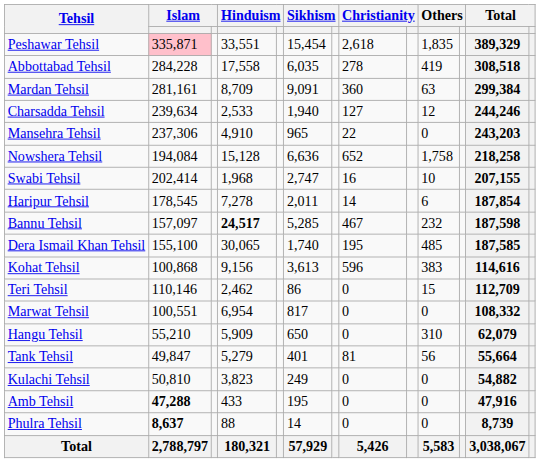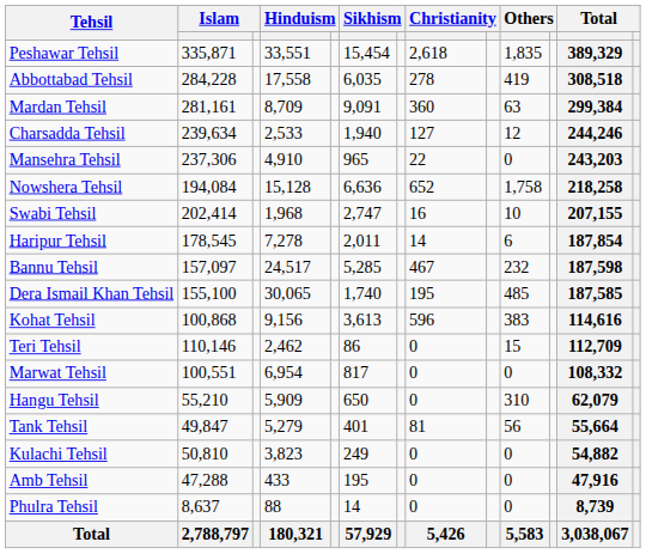 <table class="wikitable sortable">
 <tr>
 <th rowspan="2"><a href='#'>Tehsil</a></th>
 <th colspan="2"><a href='#'>Islam</a> </th>
 <th colspan="2"><a href='#'>Hinduism</a> </th>
 <th colspan="2"><a href='#'>Sikhism</a> </th>
 <th colspan="2"><a href='#'>Christianity</a> </th>
 <th colspan="2">Others</th>
 <th colspan="2">Total</th>
 </tr>
 <tr>
 <th><a href='#'></a></th>
 <th></th>
 <th></th>
 <th></th>
 <th></th>
 <th></th>
 <th></th>
 <th></th>
 <th></th>
 <th></th>
 <th></th>
 <th></th>
 </tr>
 <tr>
 <td><a href='#'>Peshawar Tehsil</a></td>
-<td style="background: pink;">335,871</td>
+<td>335,871</td>
 <td></td>
 <td>33,551</td>
 <td></td>
 <td>15,454</td>
 <td></td>
 <td>2,618</td>
 <td></td>
 <td>1,835</td>
 <td></td>
 <th>389,329</th>
 <th></th>
 </tr>
 <tr>
 <td><a href='#'>Abbottabad Tehsil</a></td>
 <td>284,228</td>
 <td></td>
 <td>17,558</td>
 <td></td>
 <td>6,035</td>
 <td></td>
 <td>278</td>
 <td></td>
 <td>419</td>
 <td></td>
 <th>308,518</th>
 <th></th>
 </tr>
 <tr>
 <td><a href='#'>Mardan Tehsil</a></td>
 <td>281,161</td>
 <td></td>
 <td>8,709</td>
 <td></td>
 <td>9,091</td>
 <td></td>
 <td>360</td>
 <td></td>
 <td>63</td>
 <td></td>
 <th>299,384</th>
 <th></th>
 </tr>
 <tr>
 <td><a href='#'>Charsadda Tehsil</a></td>
 <td>239,634</td>
 <td></td>
 <td>2,533</td>
 <td></td>
 <td>1,940</td>
 <td></td>
 <td>127</td>
 <td></td>
 <td>12</td>
 <td></td>
 <th>244,246</th>
 <th></th>
 </tr>
 <tr>
 <td><a href='#'>Mansehra Tehsil</a></td>
 <td>237,306</td>
 <td></td>
 <td>4,910</td>
 <td></td>
 <td>965</td>
 <td></td>
 <td>22</td>
 <td></td>
 <td>0</td>
 <td></td>
 <th>243,203</th>
 <th></th>
 </tr>
 <tr>
 <td><a href='#'>Nowshera Tehsil</a></td>
 <td>194,084</td>
 <td></td>
 <td>15,128</td>
 <td></td>
 <td>6,636</td>
 <td></td>
 <td>652</td>
 <td></td>
 <td>1,758</td>
 <td></td>
 <th>218,258</th>
 <th></th>
 </tr>
 <tr>
 <td><a href='#'>Swabi Tehsil</a></td>
 <td>202,414</td>
 <td></td>
 <td>1,968</td>
 <td></td>
 <td>2,747</td>
 <td></td>
 <td>16</td>
 <td></td>
 <td>10</td>
 <td></td>
 <th>207,155</th>
 <th></th>
 </tr>
 <tr>
 <td><a href='#'>Haripur Tehsil</a></td>
 <td>178,545</td>
 <td></td>
 <td>7,278</td>
 <td></td>
 <td>2,011</td>
 <td></td>
 <td>14</td>
 <td></td>
 <td>6</td>
 <td></td>
 <th>187,854</th>
 <th></th>
 </tr>
 <tr>
 <td><a href='#'>Bannu Tehsil</a></td>
 <td>157,097</td>
 <td></td>
-<td><strong>24,517</strong></td>
+<td>24,517</td>
 <td></td>
 <td>5,285</td>
 <td></td>
 <td>467</td>
 <td></td>
 <td>232</td>
 <td></td>
 <th>187,598</th>
 <th></th>
 </tr>
 <tr>
 <td><a href='#'>Dera Ismail Khan Tehsil</a></td>
 <td>155,100</td>
 <td></td>
 <td>30,065</td>
 <td></td>
 <td>1,740</td>
 <td></td>
 <td>195</td>
 <td></td>
 <td>485</td>
 <td></td>
 <th>187,585</th>
 <th></th>
 </tr>
 <tr>
 <td><a href='#'>Kohat Tehsil</a></td>
 <td>100,868</td>
 <td></td>
 <td>9,156</td>
 <td></td>
 <td>3,613</td>
 <td></td>
 <td>596</td>
 <td></td>
 <td>383</td>
 <td></td>
 <th>114,616</th>
 <th></th>
 </tr>
 <tr>
 <td><a href='#'>Teri Tehsil</a></td>
 <td>110,146</td>
 <td></td>
 <td>2,462</td>
 <td></td>
 <td>86</td>
 <td></td>
 <td>0</td>
 <td></td>
 <td>15</td>
 <td></td>
 <th>112,709</th>
 <th></th>
 </tr>
 <tr>
 <td><a href='#'>Marwat Tehsil</a></td>
 <td>100,551</td>
 <td></td>
 <td>6,954</td>
 <td></td>
 <td>817</td>
 <td></td>
 <td>0</td>
 <td></td>
 <td>0</td>
 <td></td>
 <th>108,332</th>
 <th></th>
 </tr>
 <tr>
 <td><a href='#'>Hangu Tehsil</a></td>
 <td>55,210</td>
 <td></td>
 <td>5,909</td>
 <td></td>
 <td>650</td>
 <td></td>
 <td>0</td>
 <td></td>
 <td>310</td>
 <td></td>
 <th>62,079</th>
 <th></th>
 </tr>
 <tr>
 <td><a href='#'>Tank Tehsil</a></td>
 <td>49,847</td>
 <td></td>
 <td>5,279</td>
 <td></td>
 <td>401</td>
 <td></td>
 <td>81</td>
 <td></td>
 <td>56</td>
 <td></td>
 <th>55,664</th>
 <th></th>
 </tr>
 <tr>
 <td><a href='#'>Kulachi Tehsil</a></td>
 <td>50,810</td>
 <td></td>
 <td>3,823</td>
 <td></td>
 <td>249</td>
 <td></td>
 <td>0</td>
 <td></td>
 <td>0</td>
 <td></td>
 <th>54,882</th>
 <th></th>
 </tr>
 <tr>
 <td><a href='#'>Amb Tehsil</a></td>
-<td><strong>47,288</strong></td>
+<td>47,288</td>
 <td></td>
 <td>433</td>
 <td></td>
 <td>195</td>
 <td></td>
 <td>0</td>
 <td></td>
 <td>0</td>
 <td></td>
 <th>47,916</th>
 <th></th>
 </tr>
 <tr>
 <td><a href='#'>Phulra Tehsil</a></td>
-<td><strong>8,637</strong></td>
+<td>8,637</td>
 <td></td>
 <td>88</td>
 <td></td>
 <td>14</td>
 <td></td>
 <td>0</td>
 <td></td>
 <td>0</td>
 <td></td>
 <th>8,739</th>
 <th></th>
 </tr>
 <tr>
 <th>Total</th>
 <th>2,788,797</th>
 <th></th>
 <th>180,321</th>
 <th></th>
 <th>57,929</th>
 <th></th>
 <th>5,426</th>
 <th></th>
 <th>5,583</th>
 <th></th>
 <th>3,038,067</th>
 <th></th>
 </tr>
 </table>
